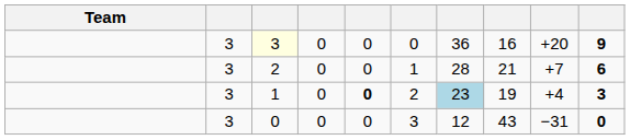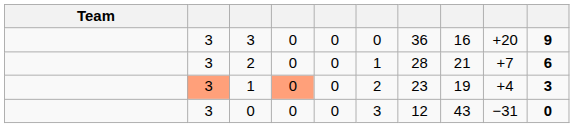 <table class=wikitable style="text-align:center">
 <tr>
 <th width=200>Team</th>
 <th width=40></th>
 <th width=40></th>
 <th width=40></th>
 <th width=40></th>
 <th width=40></th>
 <th width=40></th>
 <th width=40></th>
 <th width=40></th>
 <th width=40></th>
 </tr>
 <tr>
 <td align=left></td>
 <td>3</td>
-<td style="background: lightyellow;">3</td>
+<td>3</td>
 <td>0</td>
 <td>0</td>
 <td>0</td>
 <td>36</td>
 <td>16</td>
 <td>+20</td>
 <td><strong>9</strong></td>
 </tr>
 <tr>
 <td align=left></td>
 <td>3</td>
 <td>2</td>
 <td>0</td>
 <td>0</td>
 <td>1</td>
 <td>28</td>
 <td>21</td>
 <td>+7</td>
 <td><strong>6</strong></td>
 </tr>
 <tr>
 <td align=left></td>
-<td>3</td>
+<td style="background: lightsalmon;">3</td>
 <td>1</td>
+<td style="background: lightsalmon;">0</td>
 <td>0</td>
-<td><strong>0</strong></td>
 <td>2</td>
-<td style="background: lightblue;">23</td>
+<td>23</td>
 <td>19</td>
 <td>+4</td>
 <td><strong>3</strong></td>
 </tr>
 <tr>
 <td align=left></td>
 <td>3</td>
 <td>0</td>
 <td>0</td>
 <td>0</td>
 <td>3</td>
 <td>12</td>
 <td>43</td>
 <td>−31</td>
 <td><strong>0</strong></td>
 </tr>
 </table>
